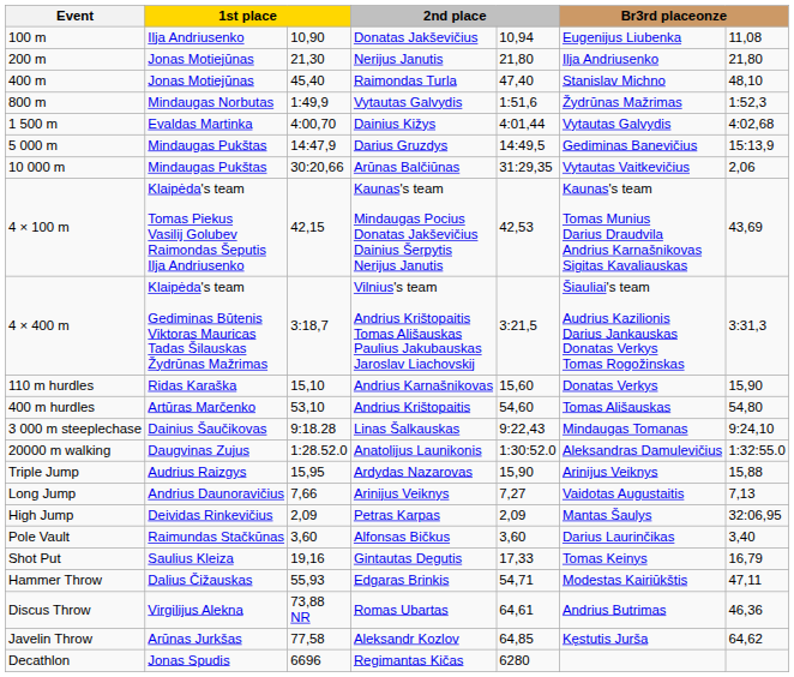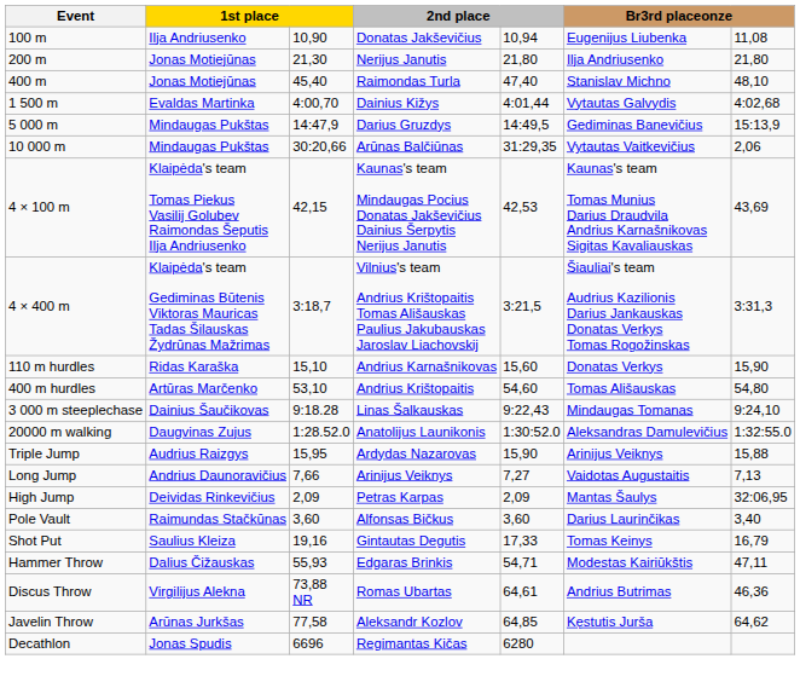 <table class="wikitable">
 <tr>
 <th>Event</th>
 <th style="background:gold;" colspan=2>1st place</th>
 <th style="background:silver;" colspan=2>2nd place</th>
 <th style="background:#CC9966;" colspan=2>Br3rd placeonze</th>
 </tr>
 <tr>
 <td>100 m</td>
 <td><a href='#'>Ilja Andriusenko</a></td>
 <td>10,90</td>
 <td><a href='#'>Donatas Jakševičius</a></td>
 <td>10,94</td>
 <td><a href='#'>Eugenijus Liubenka</a></td>
 <td>11,08</td>
 </tr>
 <tr>
 <td>200 m</td>
 <td><a href='#'>Jonas Motiejūnas</a></td>
 <td>21,30</td>
 <td><a href='#'>Nerijus Janutis</a></td>
 <td>21,80</td>
 <td><a href='#'>Ilja Andriusenko</a></td>
 <td>21,80</td>
 </tr>
 <tr>
 <td>400 m</td>
 <td><a href='#'>Jonas Motiejūnas</a></td>
 <td>45,40</td>
 <td><a href='#'>Raimondas Turla</a></td>
 <td>47,40</td>
 <td><a href='#'>Stanislav Michno</a></td>
 <td>48,10</td>
-</tr>
-<tr>
-<td>800 m</td>
-<td><a href='#'>Mindaugas Norbutas</a></td>
-<td>1:49,9</td>
-<td><a href='#'>Vytautas Galvydis</a></td>
-<td>1:51,6</td>
-<td><a href='#'>Žydrūnas Mažrimas</a></td>
-<td>1:52,3</td>
 </tr>
 <tr>
 <td>1 500 m</td>
 <td><a href='#'>Evaldas Martinka</a></td>
 <td>4:00,70</td>
 <td><a href='#'>Dainius Kižys</a></td>
 <td>4:01,44</td>
 <td><a href='#'>Vytautas Galvydis</a></td>
 <td>4:02,68</td>
 </tr>
 <tr>
 <td>5 000 m</td>
 <td><a href='#'>Mindaugas Pukštas</a></td>
 <td>14:47,9</td>
 <td><a href='#'>Darius Gruzdys</a></td>
 <td>14:49,5</td>
 <td><a href='#'>Gediminas Banevičius</a></td>
 <td>15:13,9</td>
 </tr>
 <tr>
 <td>10 000 m</td>
 <td><a href='#'>Mindaugas Pukštas</a></td>
 <td>30:20,66</td>
 <td><a href='#'>Arūnas Balčiūnas</a></td>
 <td>31:29,35</td>
 <td><a href='#'>Vytautas Vaitkevičius</a></td>
 <td>2,06</td>
 </tr>
 <tr>
 <td>4 × 100 m</td>
 <td><a href='#'>Klaipėda</a>'s team<br><br><a href='#'>Tomas Piekus</a> <br> <a href='#'>Vasilij Golubev</a> <br> <a href='#'>Raimondas Šeputis</a> <br> <a href='#'>Ilja Andriusenko</a></td>
 <td>42,15</td>
 <td><a href='#'>Kaunas</a>'s team <br><br><a href='#'>Mindaugas Pocius</a> <br> <a href='#'>Donatas Jakševičius</a> <br> <a href='#'>Dainius Šerpytis</a> <br> <a href='#'>Nerijus Janutis</a></td>
 <td>42,53</td>
 <td><a href='#'>Kaunas</a>'s team <br><br><a href='#'>Tomas Munius</a> <br> <a href='#'>Darius Draudvila</a> <br> <a href='#'>Andrius Karnašnikovas</a> <br> <a href='#'>Sigitas Kavaliauskas</a></td>
 <td>43,69</td>
 </tr>
 <tr>
 <td>4 × 400 m</td>
 <td><a href='#'>Klaipėda</a>'s team<br><br><a href='#'>Gediminas Būtenis</a> <br> <a href='#'>Viktoras Mauricas</a> <br> <a href='#'>Tadas Šilauskas</a> <br> <a href='#'>Žydrūnas Mažrimas</a></td>
 <td>3:18,7</td>
 <td><a href='#'>Vilnius</a>'s team<br><br><a href='#'>Andrius Krištopaitis</a> <br> <a href='#'>Tomas Ališauskas</a> <br> <a href='#'>Paulius Jakubauskas</a> <br> <a href='#'>Jaroslav Liachovskij</a></td>
 <td>3:21,5</td>
 <td><a href='#'>Šiauliai</a>'s team <br><br><a href='#'>Audrius Kazilionis</a> <br> <a href='#'>Darius Jankauskas</a> <br> <a href='#'>Donatas Verkys</a> <br> <a href='#'>Tomas Rogožinskas</a></td>
 <td>3:31,3</td>
 </tr>
 <tr>
 <td>110 m hurdles</td>
 <td><a href='#'>Ridas Karaška</a></td>
 <td>15,10</td>
 <td><a href='#'>Andrius Karnašnikovas</a></td>
 <td>15,60</td>
 <td><a href='#'>Donatas Verkys</a></td>
 <td>15,90</td>
 </tr>
 <tr>
 <td>400 m hurdles</td>
 <td><a href='#'>Artūras Marčenko</a></td>
 <td>53,10</td>
 <td><a href='#'>Andrius Krištopaitis</a></td>
 <td>54,60</td>
 <td><a href='#'>Tomas Ališauskas</a></td>
 <td>54,80</td>
 </tr>
 <tr>
 <td>3 000 m steeplechase</td>
 <td><a href='#'>Dainius Šaučikovas</a></td>
 <td>9:18.28</td>
 <td><a href='#'>Linas Šalkauskas</a></td>
 <td>9:22,43</td>
 <td><a href='#'>Mindaugas Tomanas</a></td>
 <td>9:24,10</td>
 </tr>
 <tr>
 <td>20000 m walking</td>
 <td><a href='#'>Daugvinas Zujus</a></td>
 <td>1:28.52.0</td>
 <td><a href='#'>Anatolijus Launikonis</a></td>
 <td>1:30:52.0</td>
 <td><a href='#'>Aleksandras Damulevičius</a></td>
 <td>1:32:55.0</td>
 </tr>
 <tr>
 <td>Triple Jump</td>
 <td><a href='#'>Audrius Raizgys</a></td>
 <td>15,95</td>
 <td><a href='#'>Ardydas Nazarovas</a></td>
 <td>15,90</td>
 <td><a href='#'>Arinijus Veiknys</a></td>
 <td>15,88</td>
 </tr>
 <tr>
 <td>Long Jump</td>
 <td><a href='#'>Andrius Daunoravičius</a></td>
 <td>7,66</td>
 <td><a href='#'>Arinijus Veiknys</a></td>
 <td>7,27</td>
 <td><a href='#'>Vaidotas Augustaitis</a></td>
 <td>7,13</td>
 </tr>
 <tr>
 <td>High Jump</td>
 <td><a href='#'>Deividas Rinkevičius</a></td>
 <td>2,09</td>
 <td><a href='#'>Petras Karpas</a></td>
 <td>2,09</td>
 <td><a href='#'>Mantas Šaulys</a></td>
 <td>32:06,95</td>
 </tr>
 <tr>
 <td>Pole Vault</td>
 <td><a href='#'>Raimundas Stačkūnas</a></td>
 <td>3,60</td>
 <td><a href='#'>Alfonsas Bičkus</a></td>
 <td>3,60</td>
 <td><a href='#'>Darius Laurinčikas</a></td>
 <td>3,40</td>
 </tr>
 <tr>
 <td>Shot Put</td>
 <td><a href='#'>Saulius Kleiza</a></td>
 <td>19,16</td>
 <td><a href='#'>Gintautas Degutis</a></td>
 <td>17,33</td>
 <td><a href='#'>Tomas Keinys</a></td>
 <td>16,79</td>
 </tr>
 <tr>
 <td>Hammer Throw</td>
 <td><a href='#'>Dalius Čižauskas</a></td>
 <td>55,93</td>
 <td><a href='#'>Edgaras Brinkis</a></td>
 <td>54,71</td>
 <td><a href='#'>Modestas Kairiūkštis</a></td>
 <td>47,11</td>
 </tr>
 <tr>
 <td>Discus Throw</td>
 <td><a href='#'>Virgilijus Alekna</a></td>
 <td>73,88 <br> <a href='#'>NR</a></td>
 <td><a href='#'>Romas Ubartas</a></td>
 <td>64,61</td>
 <td><a href='#'>Andrius Butrimas</a></td>
 <td>46,36</td>
 </tr>
 <tr>
 <td>Javelin Throw</td>
 <td><a href='#'>Arūnas Jurkšas</a></td>
 <td>77,58</td>
 <td><a href='#'>Aleksandr Kozlov</a></td>
 <td>64,85</td>
 <td><a href='#'>Kęstutis Jurša</a></td>
 <td>64,62</td>
 </tr>
 <tr>
 <td>Decathlon</td>
 <td><a href='#'>Jonas Spudis</a></td>
 <td>6696</td>
 <td><a href='#'>Regimantas Kičas</a></td>
 <td>6280</td>
 <td></td>
 <td></td>
 </tr>
 </table>
